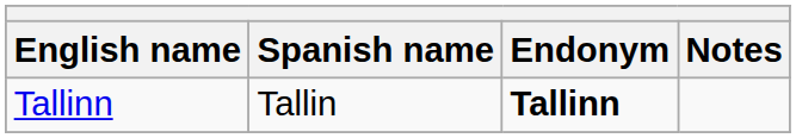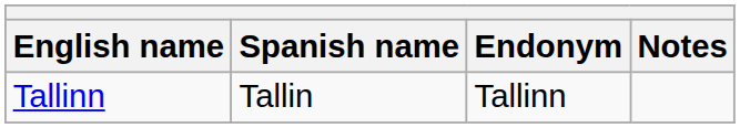 <table class="wikitable sortable">
 <tr>
 <th colspan="4"></th>
 </tr>
 <tr>
 <th>English name</th>
 <th>Spanish name</th>
 <th>Endonym</th>
 <th>Notes</th>
 </tr>
 <tr>
 <td><a href='#'>Tallinn</a></td>
 <td>Tallin</td>
-<td><strong>Tallinn</strong></td>
+<td>Tallinn</td>
 <td></td>
 </tr>
 </table>
